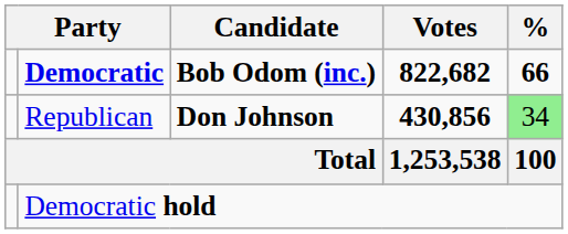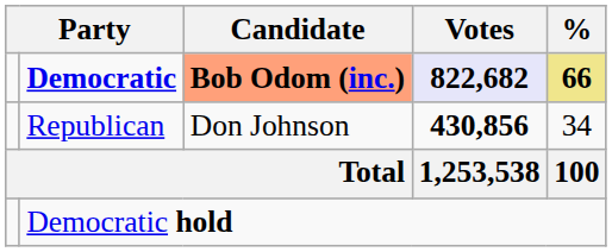 <table class=wikitable>
 <tr>
 <th colspan=2>Party</th>
 <th>Candidate</th>
 <th>Votes</th>
 <th>%</th>
 </tr>
 <tr>
 <td></td>
 <td><strong><a href='#'>Democratic</a></strong></td>
-<td><strong>Bob Odom (<a href='#'>inc.</a>)</strong></td>
-<td align=center><strong>822,682</strong></td>
-<td align=center><strong>66</strong></td>
+<td style="background: lightsalmon;"><strong>Bob Odom (<a href='#'>inc.</a>)</strong></td>
+<td align=center style="background: lavender;"><strong>822,682</strong></td>
+<td align=center style="background: khaki;"><strong>66</strong></td>
 </tr>
 <tr>
 <td></td>
 <td><a href='#'>Republican</a></td>
-<td><strong>Don Johnson</strong></td>
+<td>Don Johnson</td>
 <td align=center><strong>430,856</strong></td>
-<td align=center style="background: lightgreen;">34</td>
+<td align=center>34</td>
 </tr>
 <tr>
 <th colspan=3; style="text-align:right;">Total</th>
 <th align=center>1,253,538</th>
 <th align=center>100</th>
 </tr>
 <tr>
 <td></td>
 <td colspan=6; style="text-align:left;"><a href='#'>Democratic</a> <strong>hold</strong></td>
 </tr>
 </table>
